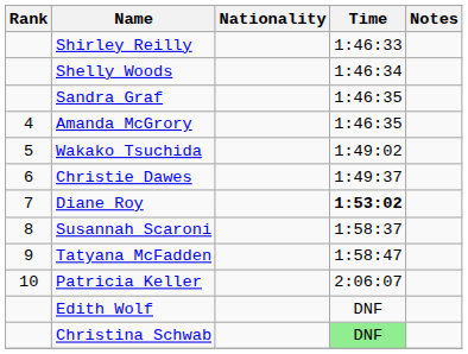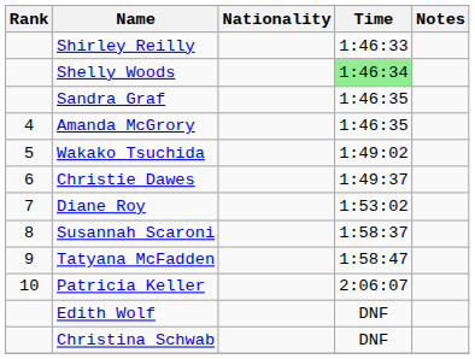 <table class="wikitable sortable" style="text-align:center">
 <tr>
 <th>Rank</th>
 <th>Name</th>
 <th>Nationality</th>
 <th>Time</th>
 <th>Notes</th>
 </tr>
 <tr>
 <td></td>
 <td align=left><a href='#'>Shirley Reilly</a></td>
 <td align=left></td>
 <td>1:46:33</td>
 <td></td>
 </tr>
 <tr>
 <td></td>
 <td align=left><a href='#'>Shelly Woods</a></td>
 <td align=left></td>
-<td>1:46:34</td>
+<td style="background: lightgreen;">1:46:34</td>
 <td></td>
 </tr>
 <tr>
 <td></td>
 <td align=left><a href='#'>Sandra Graf</a></td>
 <td align=left></td>
 <td>1:46:35</td>
 <td></td>
 </tr>
 <tr>
 <td>4</td>
 <td align=left><a href='#'>Amanda McGrory</a></td>
 <td align=left></td>
 <td>1:46:35</td>
 <td></td>
 </tr>
 <tr>
 <td>5</td>
 <td align=left><a href='#'>Wakako Tsuchida</a></td>
 <td align=left></td>
 <td>1:49:02</td>
 <td></td>
 </tr>
 <tr>
 <td>6</td>
 <td align=left><a href='#'>Christie Dawes</a></td>
 <td align=left></td>
 <td>1:49:37</td>
 <td></td>
 </tr>
 <tr>
 <td>7</td>
 <td align=left><a href='#'>Diane Roy</a></td>
 <td align=left></td>
-<td><strong>1:53:02</strong></td>
+<td>1:53:02</td>
 <td></td>
 </tr>
 <tr>
 <td>8</td>
 <td align=left><a href='#'>Susannah Scaroni</a></td>
 <td align=left></td>
 <td>1:58:37</td>
 <td></td>
 </tr>
 <tr>
 <td>9</td>
 <td align=left><a href='#'>Tatyana McFadden</a></td>
 <td align=left></td>
 <td>1:58:47</td>
 <td></td>
 </tr>
 <tr>
 <td>10</td>
 <td align=left><a href='#'>Patricia Keller</a></td>
 <td align=left></td>
 <td>2:06:07</td>
 <td></td>
 </tr>
 <tr>
 <td></td>
 <td align=left><a href='#'>Edith Wolf</a></td>
 <td align=left></td>
 <td>DNF</td>
 <td></td>
 </tr>
 <tr>
 <td></td>
 <td align=left><a href='#'>Christina Schwab</a></td>
 <td align=left></td>
-<td style="background: lightgreen;">DNF</td>
+<td>DNF</td>
 <td></td>
 </tr>
 <tr>
 </tr>
 </table>
